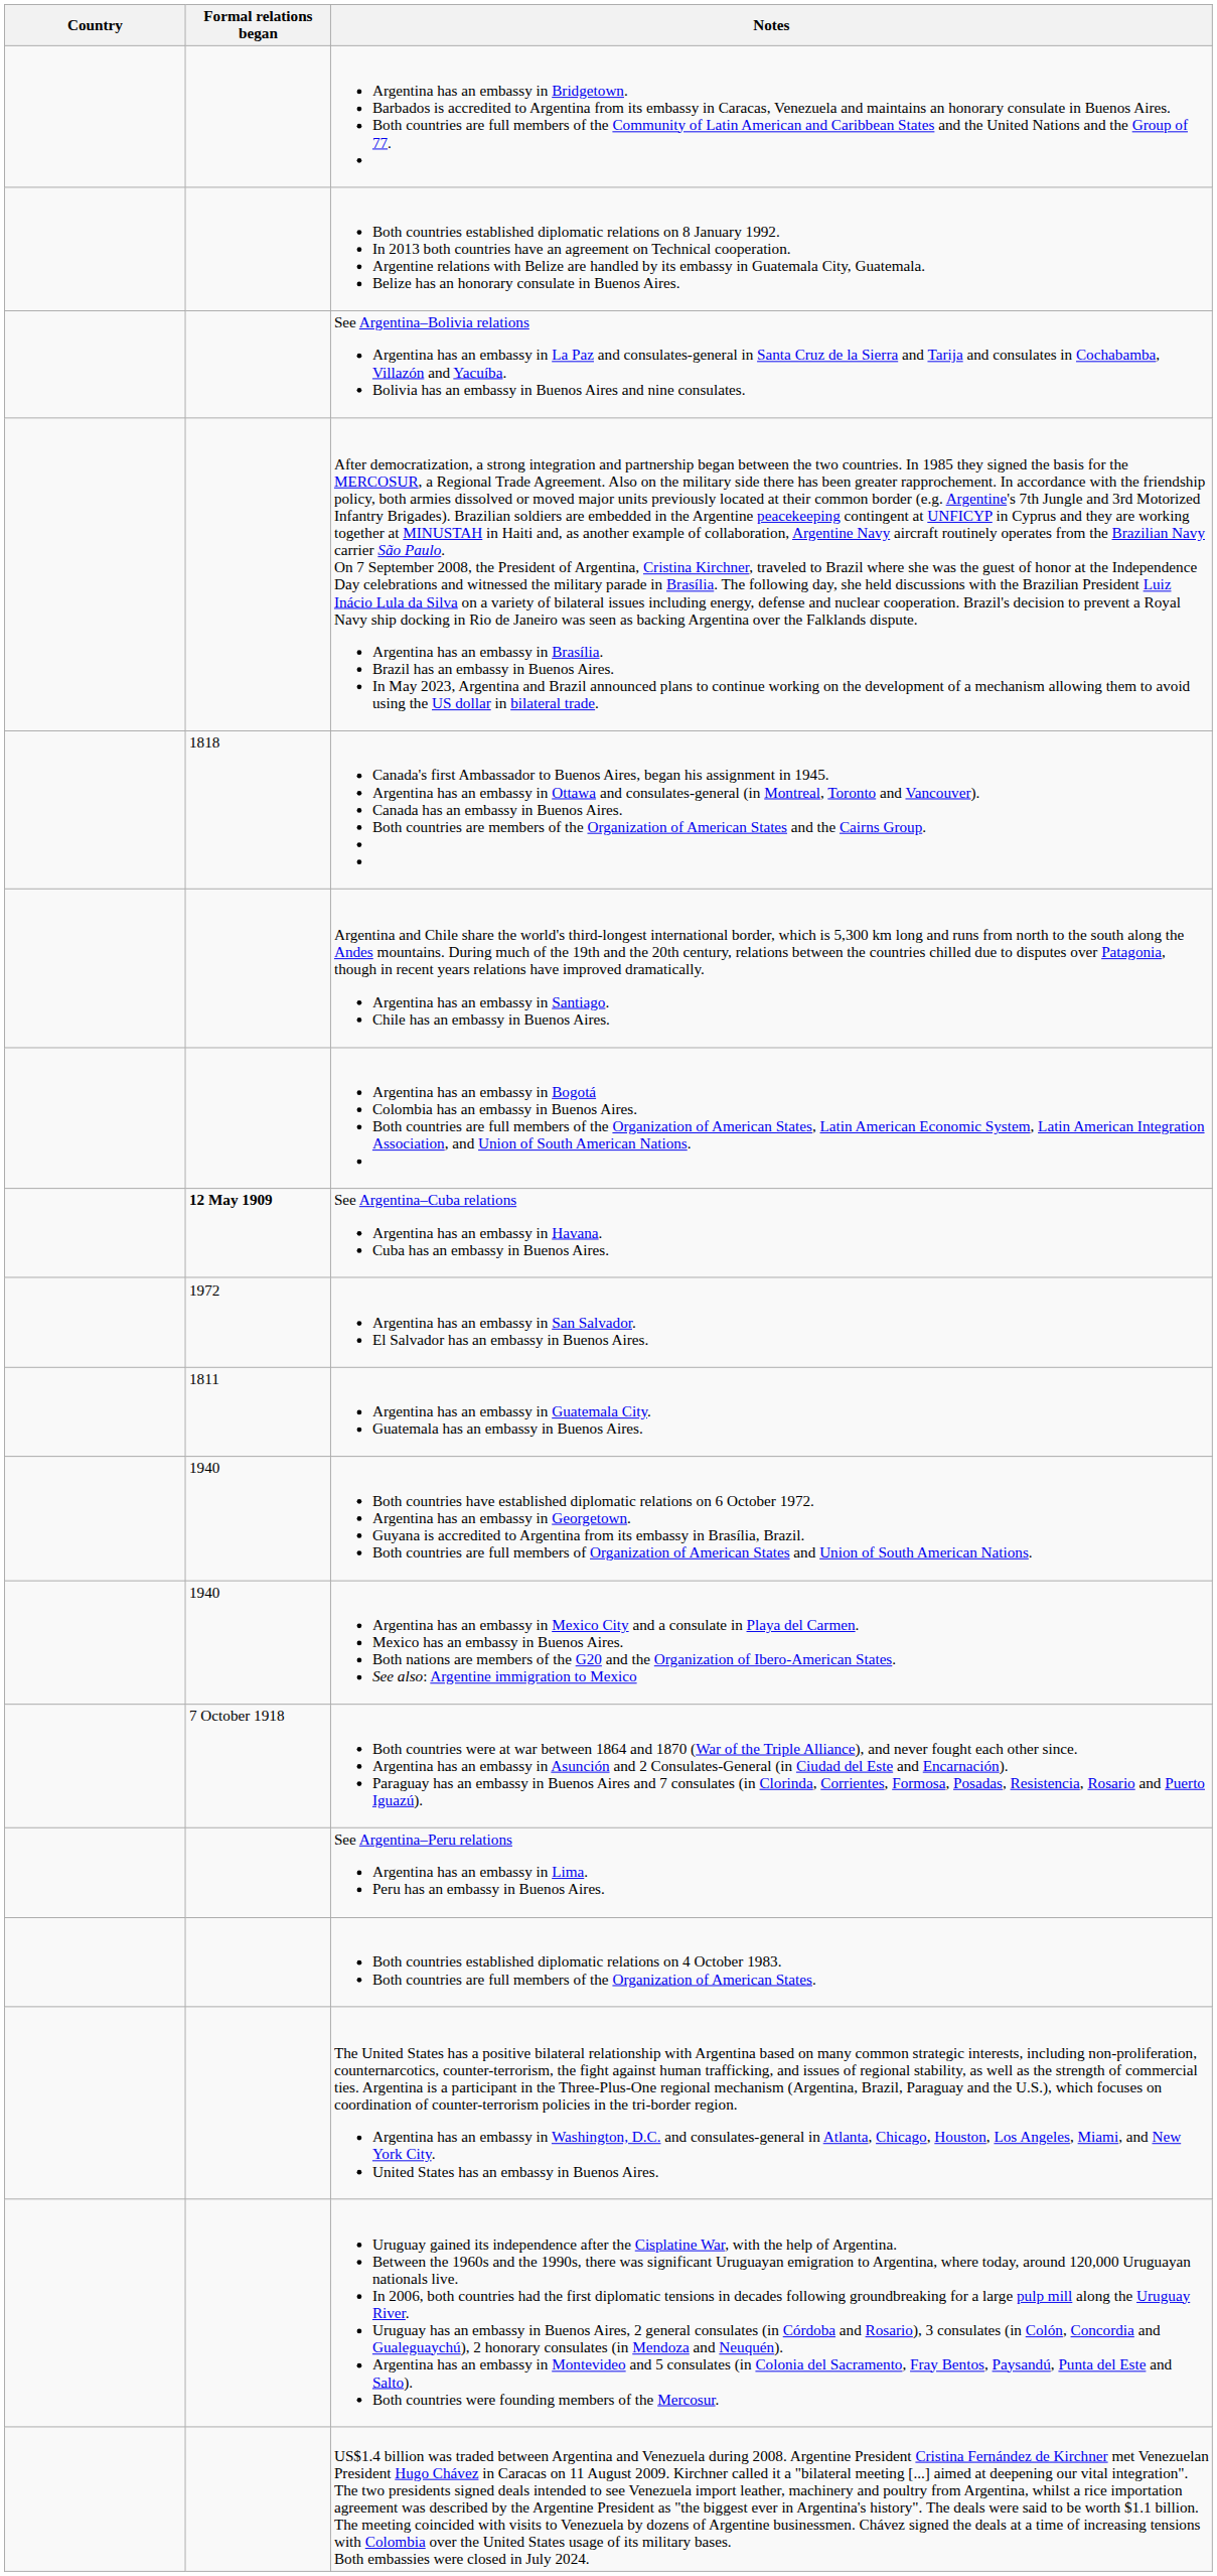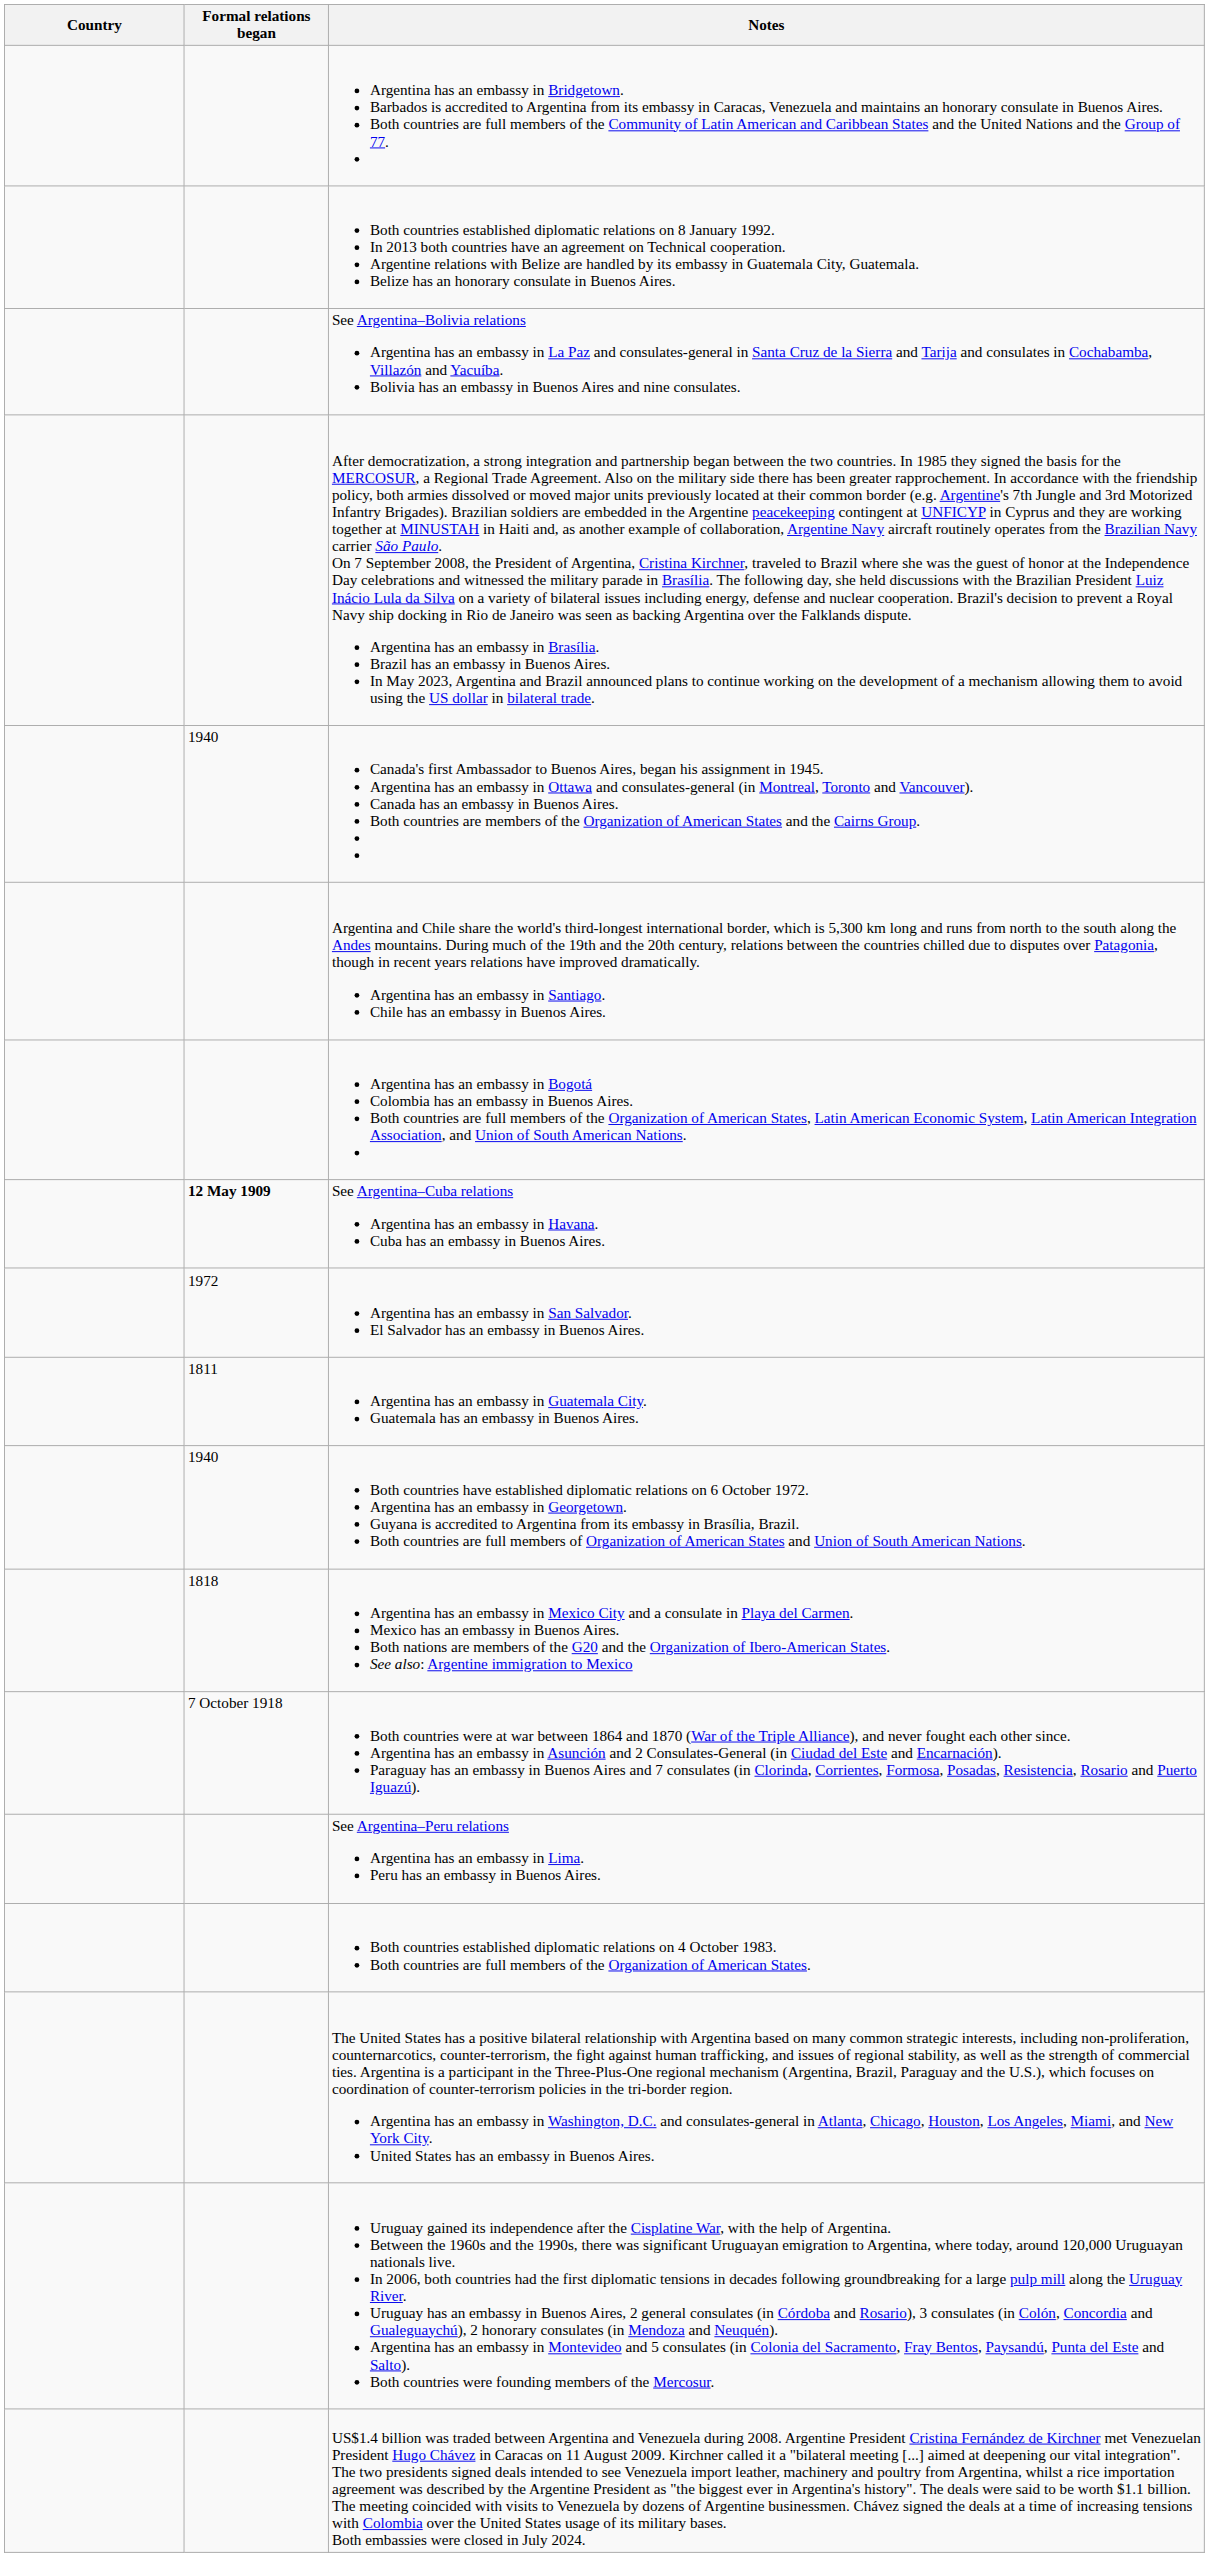 <table class="wikitable sortable" style="width:100%; margin:auto;">
 <tr>
 <th style="width:15%;">Country</th>
 <th style="width:12%;">Formal relations began</th>
 <th>Notes</th>
 </tr>
 <tr valign="top">
 <td></td>
 <td></td>
 <td><br><ul><li>Argentina has an embassy in <a href='#'>Bridgetown</a>.</li><li>Barbados is accredited to Argentina from its embassy in Caracas, Venezuela and maintains an honorary consulate in Buenos Aires.</li><li>Both countries are full members of the <a href='#'>Community of Latin American and Caribbean States</a> and the United Nations and the <a href='#'>Group of 77</a>.</li><li> </li></ul></td>
 </tr>
 <tr valign="top">
 <td></td>
 <td></td>
 <td><br><ul><li>Both countries established diplomatic relations on 8 January 1992.</li><li>In 2013 both countries have an agreement on Technical cooperation.</li><li>Argentine relations with Belize are handled by its embassy in Guatemala City, Guatemala.</li><li>Belize has an honorary consulate in Buenos Aires.</li></ul></td>
 </tr>
 <tr valign="top">
 <td></td>
 <td></td>
 <td>See <a href='#'>Argentina–Bolivia relations</a><br><ul><li>Argentina has an embassy in <a href='#'>La Paz</a> and consulates-general in <a href='#'>Santa Cruz de la Sierra</a> and <a href='#'>Tarija</a> and consulates in <a href='#'>Cochabamba</a>, <a href='#'>Villazón</a> and <a href='#'>Yacuíba</a>.</li><li>Bolivia has an embassy in Buenos Aires and nine consulates.</li></ul></td>
 </tr>
 <tr valign="top">
 <td></td>
 <td></td>
 <td><br><br>After democratization, a strong integration and partnership began between the two countries. In 1985 they signed the basis for the <a href='#'>MERCOSUR</a>, a Regional Trade Agreement. Also on the military side there has been greater rapprochement. In accordance with the friendship policy, both armies dissolved or moved major units previously located at their common border (e.g. <a href='#'>Argentine</a>'s 7th Jungle and 3rd Motorized Infantry Brigades). Brazilian soldiers are embedded in the Argentine <a href='#'>peacekeeping</a> contingent at <a href='#'>UNFICYP</a> in Cyprus and they are working together at <a href='#'>MINUSTAH</a> in Haiti and, as another example of collaboration, <a href='#'>Argentine Navy</a> aircraft routinely operates from the <a href='#'>Brazilian Navy</a> carrier <em><a href='#'>São Paulo</a></em>.<br>On 7 September 2008, the President of Argentina, <a href='#'>Cristina Kirchner</a>, traveled to Brazil where she was the guest of honor at the Independence Day celebrations and witnessed the military parade in <a href='#'>Brasília</a>. The following day, she held discussions with the Brazilian President <a href='#'>Luiz Inácio Lula da Silva</a> on a variety of bilateral issues including energy, defense and nuclear cooperation. Brazil's decision to prevent a Royal Navy ship docking in Rio de Janeiro was seen as backing Argentina over the Falklands dispute.<ul><li>Argentina has an embassy in <a href='#'>Brasília</a>.</li><li>Brazil has an embassy in Buenos Aires.</li><li>In May 2023, Argentina and Brazil announced plans to continue working on the development of a mechanism allowing them to avoid using the <a href='#'>US dollar</a> in <a href='#'>bilateral trade</a>.</li></ul></td>
 </tr>
 <tr valign="top">
 <td></td>
-<td>1818</td>
+<td>1940</td>
 <td><br><ul><li>Canada's first Ambassador to Buenos Aires, began his assignment in 1945.</li><li>Argentina has an embassy in <a href='#'>Ottawa</a> and consulates-general (in <a href='#'>Montreal</a>, <a href='#'>Toronto</a> and <a href='#'>Vancouver</a>).</li><li>Canada has an embassy in Buenos Aires.</li><li>Both countries are members of the <a href='#'>Organization of American States</a> and the <a href='#'>Cairns Group</a>.</li><li> </li><li></li></ul></td>
 </tr>
 <tr valign="top">
 <td></td>
 <td></td>
 <td><br><br>Argentina and Chile share the world's third-longest international border, which is 5,300 km long and runs from north to the south along the <a href='#'>Andes</a> mountains. During much of the 19th and the 20th century, relations between the countries chilled due to disputes over <a href='#'>Patagonia</a>, though in recent years relations have improved dramatically.<ul><li>Argentina has an embassy in <a href='#'>Santiago</a>.</li><li>Chile has an embassy in Buenos Aires.</li></ul></td>
 </tr>
 <tr valign="top">
 <td></td>
 <td></td>
 <td><br><ul><li>Argentina has an embassy in <a href='#'>Bogotá</a></li><li>Colombia has an embassy in Buenos Aires.</li><li>Both countries are full members of the <a href='#'>Organization of American States</a>, <a href='#'>Latin American Economic System</a>, <a href='#'>Latin American Integration Association</a>, and <a href='#'>Union of South American Nations</a>.</li><li> </li></ul></td>
 </tr>
 <tr valign="top">
 <td></td>
 <td><strong>12 May 1909</strong></td>
 <td>See <a href='#'>Argentina–Cuba relations</a><br><ul><li>Argentina has an embassy in <a href='#'>Havana</a>.</li><li>Cuba has an embassy in Buenos Aires.</li></ul></td>
 </tr>
 <tr valign="top">
 <td></td>
 <td>1972</td>
 <td><br><ul><li>Argentina has an embassy in <a href='#'>San Salvador</a>.</li><li>El Salvador has an embassy in Buenos Aires.</li></ul></td>
 </tr>
 <tr valign="top">
 <td></td>
 <td>1811</td>
 <td><br><ul><li>Argentina has an embassy in <a href='#'>Guatemala City</a>.</li><li>Guatemala has an embassy in Buenos Aires.</li></ul></td>
 </tr>
 <tr valign="top">
 <td></td>
 <td>1940</td>
 <td><br><ul><li>Both countries have established diplomatic relations on 6 October 1972.</li><li>Argentina has an embassy in <a href='#'>Georgetown</a>.</li><li>Guyana is accredited to Argentina from its embassy in Brasília, Brazil.</li><li>Both countries are full members of <a href='#'>Organization of American States</a> and <a href='#'>Union of South American Nations</a>.</li></ul></td>
 </tr>
 <tr valign="top">
 <td></td>
-<td>1940</td>
+<td>1818</td>
 <td><br><ul><li>Argentina has an embassy in <a href='#'>Mexico City</a> and a consulate in <a href='#'>Playa del Carmen</a>.</li><li>Mexico has an embassy in Buenos Aires.</li><li>Both nations are members of the <a href='#'>G20</a> and the <a href='#'>Organization of Ibero-American States</a>.</li><li><em>See also</em>: <a href='#'>Argentine immigration to Mexico</a></li></ul></td>
 </tr>
 <tr valign="top">
 <td></td>
 <td>7 October 1918</td>
 <td><br><ul><li>Both countries were at war between 1864 and 1870 (<a href='#'>War of the Triple Alliance</a>), and never fought each other since.</li><li>Argentina has an embassy in <a href='#'>Asunción</a> and 2 Consulates-General (in <a href='#'>Ciudad del Este</a> and <a href='#'>Encarnación</a>).</li><li>Paraguay has an embassy in Buenos Aires and 7 consulates (in <a href='#'>Clorinda</a>, <a href='#'>Corrientes</a>, <a href='#'>Formosa</a>, <a href='#'>Posadas</a>, <a href='#'>Resistencia</a>, <a href='#'>Rosario</a> and <a href='#'>Puerto Iguazú</a>).</li></ul></td>
 </tr>
 <tr valign="top">
 <td></td>
 <td></td>
 <td>See <a href='#'>Argentina–Peru relations</a><br><ul><li>Argentina has an embassy in <a href='#'>Lima</a>.</li><li>Peru has an embassy in Buenos Aires.</li></ul></td>
 </tr>
 <tr valign="top">
 <td></td>
 <td></td>
 <td><br><ul><li>Both countries established diplomatic relations on 4 October 1983.</li><li>Both countries are full members of the <a href='#'>Organization of American States</a>.</li></ul></td>
 </tr>
 <tr valign="top">
 <td></td>
 <td></td>
 <td><br><br>The United States has a positive bilateral relationship with Argentina based on many common strategic interests, including non-proliferation, counternarcotics, counter-terrorism, the fight against human trafficking, and issues of regional stability, as well as the strength of commercial ties. Argentina is a participant in the Three-Plus-One regional mechanism (Argentina, Brazil, Paraguay and the U.S.), which focuses on coordination of counter-terrorism policies in the tri-border region.<ul><li>Argentina has an embassy in <a href='#'>Washington, D.C.</a> and consulates-general in <a href='#'>Atlanta</a>, <a href='#'>Chicago</a>, <a href='#'>Houston</a>, <a href='#'>Los Angeles</a>, <a href='#'>Miami</a>, and <a href='#'>New York City</a>.</li><li>United States has an embassy in Buenos Aires.</li></ul></td>
 </tr>
 <tr valign="top">
 <td></td>
 <td></td>
 <td><br><ul><li>Uruguay gained its independence after the <a href='#'>Cisplatine War</a>, with the help of Argentina.</li><li>Between the 1960s and the 1990s, there was significant Uruguayan emigration to Argentina, where today, around 120,000 Uruguayan nationals live.</li><li>In 2006, both countries had the first diplomatic tensions in decades following groundbreaking for a large <a href='#'>pulp mill</a> along the <a href='#'>Uruguay River</a>.</li><li>Uruguay has an embassy in Buenos Aires, 2 general consulates (in <a href='#'>Córdoba</a> and <a href='#'>Rosario</a>), 3 consulates (in <a href='#'>Colón</a>, <a href='#'>Concordia</a> and <a href='#'>Gualeguaychú</a>), 2 honorary consulates (in <a href='#'>Mendoza</a> and <a href='#'>Neuquén</a>).</li><li>Argentina has an embassy in <a href='#'>Montevideo</a> and 5 consulates (in <a href='#'>Colonia del Sacramento</a>, <a href='#'>Fray Bentos</a>, <a href='#'>Paysandú</a>, <a href='#'>Punta del Este</a> and <a href='#'>Salto</a>).</li><li>Both countries were founding members of the <a href='#'>Mercosur</a>.</li></ul></td>
 </tr>
 <tr valign="top">
 <td></td>
 <td></td>
 <td><br> US$1.4 billion was traded between Argentina and Venezuela during 2008. Argentine President <a href='#'>Cristina Fernández de Kirchner</a> met Venezuelan President <a href='#'>Hugo Chávez</a> in Caracas on 11 August 2009. Kirchner called it a "bilateral meeting [...] aimed at deepening our vital integration". The two presidents signed deals intended to see Venezuela import leather, machinery and poultry from Argentina, whilst a rice importation agreement was described by the Argentine President as "the biggest ever in Argentina's history". The deals were said to be worth $1.1 billion. The meeting coincided with visits to Venezuela by dozens of Argentine businessmen. Chávez signed the deals at a time of increasing tensions with <a href='#'>Colombia</a> over the United States usage of its military bases.<br>Both embassies were closed in July 2024.</td>
 </tr>
 </table>
